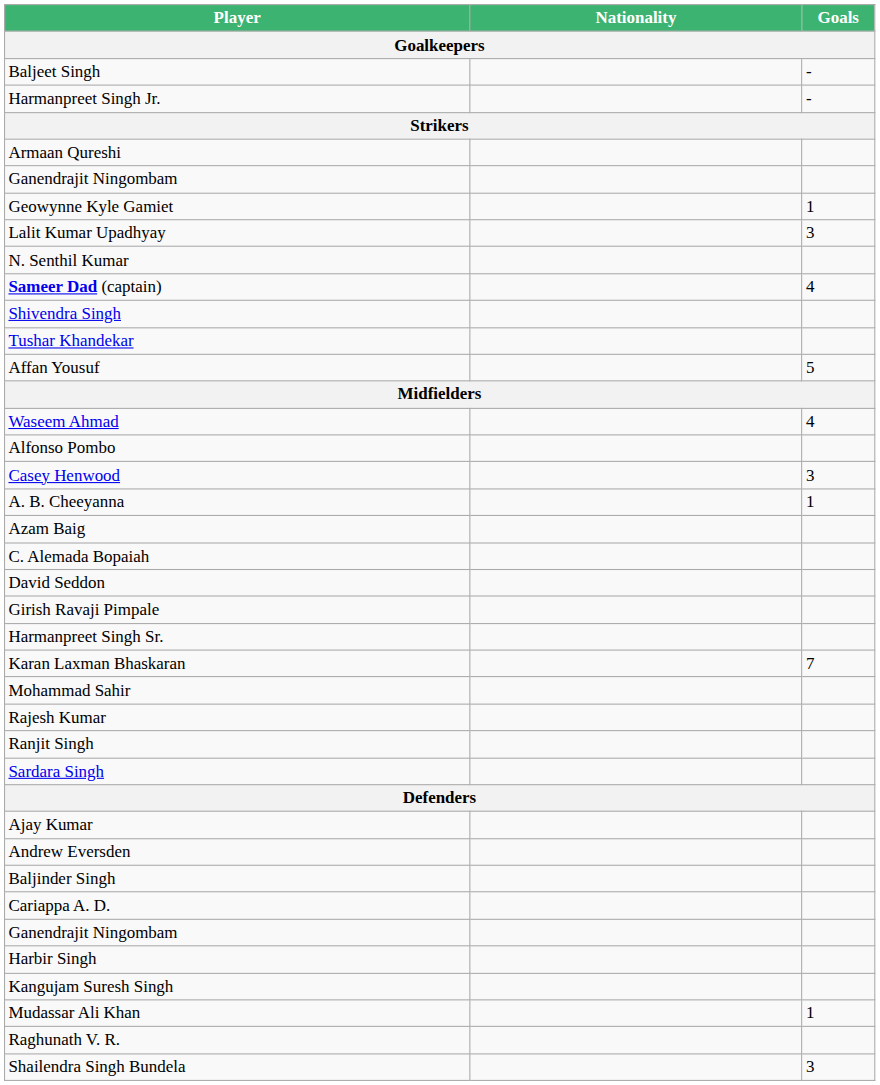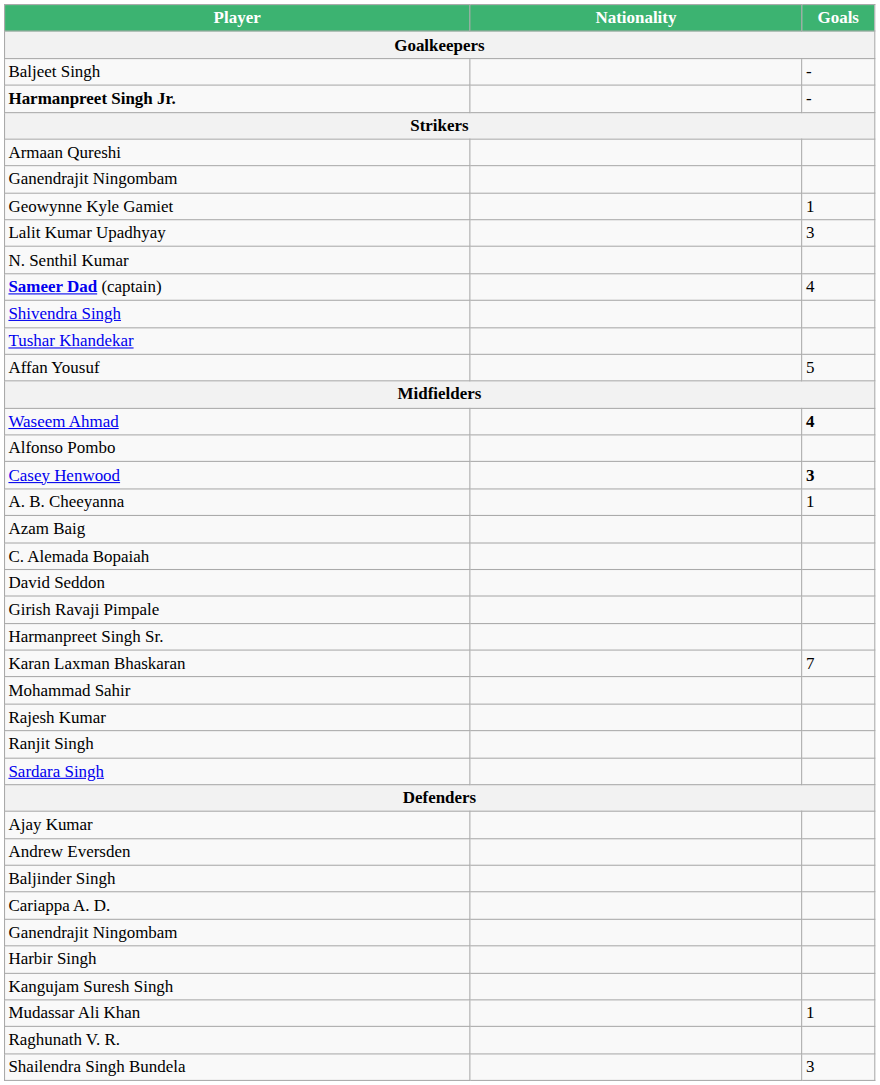 <table class="wikitable" style="width:65%;">
 <tr>
 <th width=35%; style="background: #3CB371; color:white;">Player</th>
 <th width=25%; style="background: #3CB371; color:white;">Nationality</th>
 <th width=5%; style="background: #3CB371; color:white;">Goals</th>
 </tr>
 <tr>
 <th colspan="4">Goalkeepers</th>
 </tr>
 <tr>
 <td>Baljeet Singh</td>
 <td></td>
 <td>-</td>
 </tr>
 <tr>
-<td>Harmanpreet Singh Jr.</td>
+<td><strong>Harmanpreet Singh Jr.</strong></td>
 <td></td>
 <td>-</td>
 </tr>
 <tr>
 <th colspan="4">Strikers</th>
 </tr>
 <tr>
 <td>Armaan Qureshi</td>
 <td></td>
 <td></td>
 </tr>
 <tr>
 <td>Ganendrajit Ningombam</td>
 <td></td>
 <td></td>
 </tr>
 <tr>
 <td>Geowynne Kyle Gamiet</td>
 <td></td>
 <td>1</td>
 </tr>
 <tr>
 <td>Lalit Kumar Upadhyay</td>
 <td></td>
 <td>3</td>
 </tr>
 <tr>
 <td>N. Senthil Kumar</td>
 <td></td>
 <td></td>
 </tr>
 <tr>
 <td><strong><a href='#'>Sameer Dad</a></strong> (captain)</td>
 <td></td>
 <td>4</td>
 </tr>
 <tr>
 <td><a href='#'>Shivendra Singh</a></td>
 <td></td>
 <td></td>
 </tr>
 <tr>
 <td><a href='#'>Tushar Khandekar</a></td>
 <td></td>
 <td></td>
 </tr>
 <tr>
 <td>Affan Yousuf</td>
 <td></td>
 <td>5</td>
 </tr>
 <tr>
 <th colspan="4">Midfielders</th>
 </tr>
 <tr>
 <td><a href='#'>Waseem Ahmad</a></td>
 <td></td>
-<td>4</td>
+<td><strong>4</strong></td>
 </tr>
 <tr>
 <td>Alfonso Pombo</td>
 <td></td>
 <td></td>
 </tr>
 <tr>
 <td><a href='#'>Casey Henwood</a></td>
 <td></td>
-<td>3</td>
+<td><strong>3</strong></td>
 </tr>
 <tr>
 <td>A. B. Cheeyanna</td>
 <td></td>
 <td>1</td>
 </tr>
 <tr>
 <td>Azam Baig</td>
 <td></td>
 <td></td>
 </tr>
 <tr>
 <td>C. Alemada Bopaiah</td>
 <td></td>
 <td></td>
 </tr>
 <tr>
 <td>David Seddon</td>
 <td></td>
 <td></td>
 </tr>
 <tr>
 <td>Girish Ravaji Pimpale</td>
 <td></td>
 <td></td>
 </tr>
 <tr>
 <td>Harmanpreet Singh Sr.</td>
 <td></td>
 <td></td>
 </tr>
 <tr>
 <td>Karan Laxman Bhaskaran</td>
 <td></td>
 <td>7</td>
 </tr>
 <tr>
 <td>Mohammad Sahir</td>
 <td></td>
 <td></td>
 </tr>
 <tr>
 <td>Rajesh Kumar</td>
 <td></td>
 <td></td>
 </tr>
 <tr>
 <td>Ranjit Singh</td>
 <td></td>
 <td></td>
 </tr>
 <tr>
 <td><a href='#'>Sardara Singh</a></td>
 <td></td>
 <td></td>
 </tr>
 <tr>
 <th colspan="4">Defenders</th>
 </tr>
 <tr>
 <td>Ajay Kumar</td>
 <td></td>
 <td></td>
 </tr>
 <tr>
 <td>Andrew Eversden</td>
 <td></td>
 <td></td>
 </tr>
 <tr>
 <td>Baljinder Singh</td>
 <td></td>
 <td></td>
 </tr>
 <tr>
 <td>Cariappa A. D.</td>
 <td></td>
 <td></td>
 </tr>
 <tr>
 <td>Ganendrajit Ningombam</td>
 <td></td>
 <td></td>
 </tr>
 <tr>
 <td>Harbir Singh</td>
 <td></td>
 <td></td>
 </tr>
 <tr>
 <td>Kangujam Suresh Singh</td>
 <td></td>
 <td></td>
 </tr>
 <tr>
 <td>Mudassar Ali Khan</td>
 <td></td>
 <td>1</td>
 </tr>
 <tr>
 <td>Raghunath V. R.</td>
 <td></td>
 <td></td>
 </tr>
 <tr>
 <td>Shailendra Singh Bundela</td>
 <td></td>
 <td>3</td>
 </tr>
 </table>
